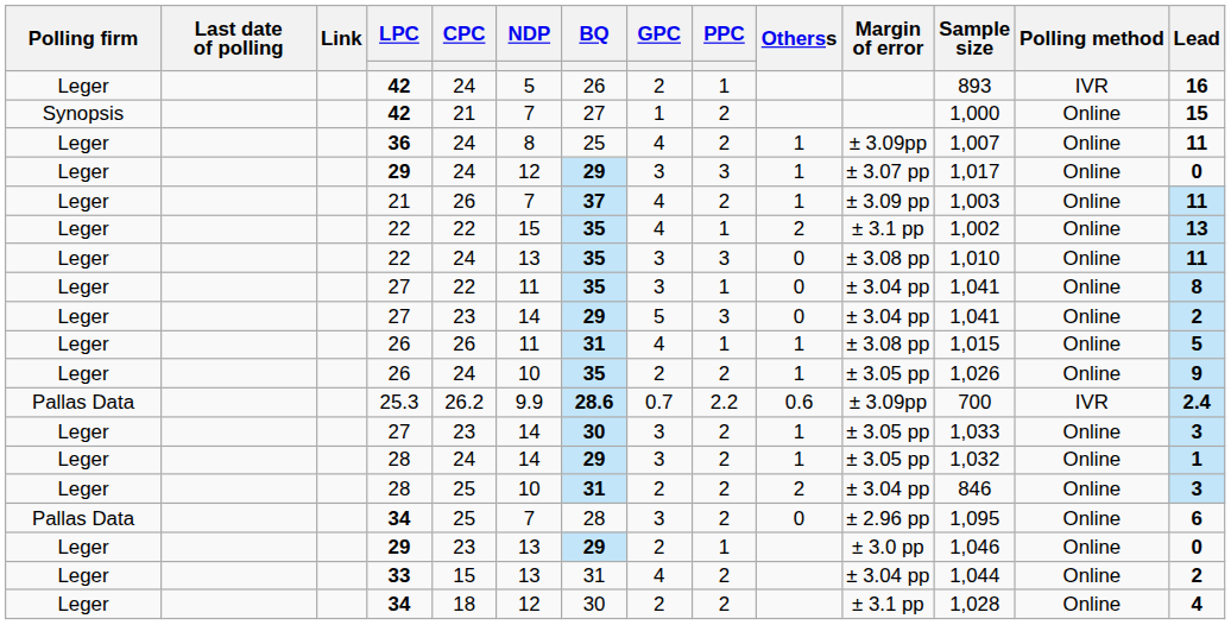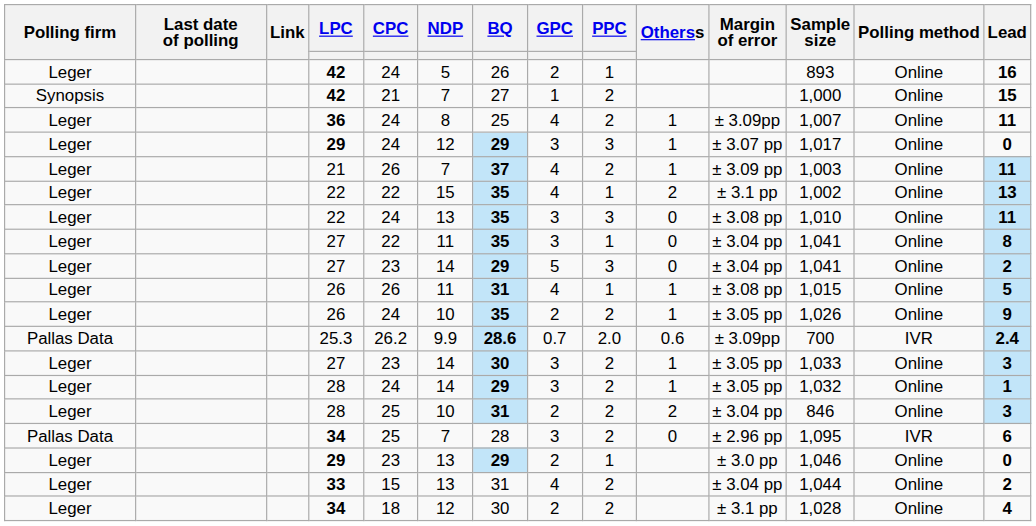 <table class="wikitable sortable mw-datatable" style="text-align:center;font-size:90%;line-height:14px;">
 <tr style="height:40px;">
 <th style="width:105px;" rowspan="2">Polling firm</th>
 <th style="width:105px;" rowspan="2">Last date<br>of polling</th>
 <th rowspan="2">Link</th>
 <th style="width:40px;"><a href='#'>LPC</a></th>
 <th style="width:40px;"><a href='#'>CPC</a></th>
 <th style="width:40px;"><a href='#'>NDP</a></th>
 <th style="width:40px;"><a href='#'>BQ</a></th>
 <th style="width:40px;"><a href='#'>GPC</a></th>
 <th style="width:40px;"><a href='#'>PPC</a></th>
 <th rowspan="2" style="width:40px"><a href='#'>Others</a>s</th>
 <th rowspan="2">Margin<br>of error</th>
 <th rowspan="2">Sample<br>size</th>
 <th rowspan="2">Polling method</th>
 <th rowspan="2">Lead</th>
 </tr>
 <tr class="sorttop">
 <th style="background:"></th>
 <th style="background:"></th>
 <th style="background:"></th>
 <th style="background:"></th>
 <th style="background:"></th>
 <th style="background:"></th>
 </tr>
 <tr>
 <td>Leger</td>
 <td></td>
 <td></td>
 <td><strong>42</strong></td>
 <td>24</td>
 <td>5</td>
 <td>26</td>
 <td>2</td>
 <td>1</td>
 <td></td>
 <td></td>
 <td>893</td>
-<td>IVR</td>
+<td>Online</td>
 <td><strong>16</strong></td>
 </tr>
 <tr>
 <td>Synopsis</td>
 <td></td>
 <td></td>
 <td><strong>42</strong></td>
 <td>21</td>
 <td>7</td>
 <td>27</td>
 <td>1</td>
 <td>2</td>
 <td></td>
 <td></td>
 <td>1,000</td>
 <td>Online</td>
 <td><strong>15</strong></td>
 </tr>
 <tr>
 <td>Leger</td>
 <td></td>
 <td></td>
 <td><strong>36</strong></td>
 <td>24</td>
 <td>8</td>
 <td>25</td>
 <td>4</td>
 <td>2</td>
 <td>1</td>
 <td>± 3.09pp</td>
 <td>1,007</td>
 <td>Online</td>
 <td><strong>11</strong></td>
 </tr>
 <tr>
 <td>Leger</td>
 <td></td>
 <td></td>
 <td><strong>29</strong></td>
 <td>24</td>
 <td>12</td>
 <td style="background:#C2E5F9"><strong>29</strong></td>
 <td>3</td>
 <td>3</td>
 <td>1</td>
 <td>± 3.07 pp</td>
 <td>1,017</td>
 <td>Online</td>
 <td><strong>0</strong></td>
 </tr>
 <tr>
 <td>Leger</td>
 <td></td>
 <td></td>
 <td>21</td>
 <td>26</td>
 <td>7</td>
 <td style="background:#C2E5F9"><strong>37</strong></td>
 <td>4</td>
 <td>2</td>
 <td>1</td>
 <td>± 3.09 pp</td>
 <td>1,003</td>
 <td>Online</td>
 <td style="background:#C2E5F9"><strong>11</strong></td>
 </tr>
 <tr>
 <td>Leger</td>
 <td></td>
 <td></td>
 <td>22</td>
 <td>22</td>
 <td>15</td>
 <td style="background:#C2E5F9"><strong>35</strong></td>
 <td>4</td>
 <td>1</td>
 <td>2</td>
 <td>± 3.1 pp</td>
 <td>1,002</td>
 <td>Online</td>
 <td style="background:#C2E5F9"><strong>13</strong></td>
 </tr>
 <tr>
 <td>Leger</td>
 <td></td>
 <td></td>
 <td>22</td>
 <td>24</td>
 <td>13</td>
 <td style="background:#C2E5F9"><strong>35</strong></td>
 <td>3</td>
 <td>3</td>
 <td>0</td>
 <td>± 3.08 pp</td>
 <td>1,010</td>
 <td>Online</td>
 <td style="background:#C2E5F9"><strong>11</strong></td>
 </tr>
 <tr>
 <td>Leger</td>
 <td></td>
 <td></td>
 <td>27</td>
 <td>22</td>
 <td>11</td>
 <td style="background:#C2E5F9"><strong>35</strong></td>
 <td>3</td>
 <td>1</td>
 <td>0</td>
 <td>± 3.04 pp</td>
 <td>1,041</td>
 <td>Online</td>
 <td style="background:#C2E5F9"><strong>8</strong></td>
 </tr>
 <tr>
 <td>Leger</td>
 <td></td>
 <td></td>
 <td>27</td>
 <td>23</td>
 <td>14</td>
 <td style="background:#C2E5F9"><strong>29</strong></td>
 <td>5</td>
 <td>3</td>
 <td>0</td>
 <td>± 3.04 pp</td>
 <td>1,041</td>
 <td>Online</td>
 <td style="background:#C2E5F9"><strong>2</strong></td>
 </tr>
 <tr>
 <td>Leger</td>
 <td></td>
 <td></td>
 <td>26</td>
 <td>26</td>
 <td>11</td>
 <td style="background:#C2E5F9"><strong>31</strong></td>
 <td>4</td>
 <td>1</td>
 <td>1</td>
 <td>± 3.08 pp</td>
 <td>1,015</td>
 <td>Online</td>
 <td style="background:#C2E5F9"><strong>5</strong></td>
 </tr>
 <tr>
 <td>Leger</td>
 <td></td>
 <td></td>
 <td>26</td>
 <td>24</td>
 <td>10</td>
 <td style="background:#C2E5F9"><strong>35</strong></td>
 <td>2</td>
 <td>2</td>
 <td>1</td>
 <td>± 3.05 pp</td>
 <td>1,026</td>
 <td>Online</td>
 <td style="background:#C2E5F9"><strong>9</strong></td>
 </tr>
 <tr>
 <td>Pallas Data</td>
 <td></td>
 <td></td>
 <td>25.3</td>
 <td>26.2</td>
 <td>9.9</td>
 <td style="background:#C2E5F9"><strong>28.6</strong></td>
 <td>0.7</td>
-<td>2.2</td>
+<td>2.0</td>
 <td>0.6</td>
 <td>± 3.09pp</td>
 <td>700</td>
 <td>IVR</td>
 <td style="background:#C2E5F9"><strong>2.4</strong></td>
 </tr>
 <tr>
 <td>Leger</td>
 <td></td>
 <td></td>
 <td>27</td>
 <td>23</td>
 <td>14</td>
 <td style="background:#C2E5F9"><strong>30</strong></td>
 <td>3</td>
 <td>2</td>
 <td>1</td>
 <td>± 3.05 pp</td>
 <td>1,033</td>
 <td>Online</td>
 <td style="background:#C2E5F9"><strong>3</strong></td>
 </tr>
 <tr>
 <td>Leger</td>
 <td></td>
 <td></td>
 <td>28</td>
 <td>24</td>
 <td>14</td>
 <td style="background:#C2E5F9"><strong>29</strong></td>
 <td>3</td>
 <td>2</td>
 <td>1</td>
 <td>± 3.05 pp</td>
 <td>1,032</td>
 <td>Online</td>
 <td style="background:#C2E5F9"><strong>1</strong></td>
 </tr>
 <tr>
 <td>Leger</td>
 <td></td>
 <td></td>
 <td>28</td>
 <td>25</td>
 <td>10</td>
 <td style="background:#C2E5F9"><strong>31</strong></td>
 <td>2</td>
 <td>2</td>
 <td>2</td>
 <td>± 3.04 pp</td>
 <td>846</td>
 <td>Online</td>
 <td style="background:#C2E5F9"><strong>3</strong></td>
 </tr>
 <tr>
 <td>Pallas Data</td>
 <td></td>
 <td></td>
 <td><strong>34</strong></td>
 <td>25</td>
 <td>7</td>
 <td>28</td>
 <td>3</td>
 <td>2</td>
 <td>0</td>
 <td>± 2.96 pp</td>
 <td>1,095</td>
-<td>Online</td>
+<td>IVR</td>
 <td><strong>6</strong></td>
 </tr>
 <tr>
 <td>Leger</td>
 <td></td>
 <td></td>
 <td><strong>29</strong></td>
 <td>23</td>
 <td>13</td>
 <td style="background:#C2E5F9"><strong>29</strong></td>
 <td>2</td>
 <td>1</td>
 <td></td>
 <td>± 3.0 pp</td>
 <td>1,046</td>
 <td>Online</td>
 <td><strong>0</strong></td>
 </tr>
 <tr>
 <td>Leger</td>
 <td></td>
 <td></td>
 <td><strong>33</strong></td>
 <td>15</td>
 <td>13</td>
 <td>31</td>
 <td>4</td>
 <td>2</td>
 <td></td>
 <td>± 3.04 pp</td>
 <td>1,044</td>
 <td>Online</td>
 <td><strong>2</strong></td>
 </tr>
 <tr>
 <td>Leger</td>
 <td></td>
 <td></td>
 <td><strong>34</strong></td>
 <td>18</td>
 <td>12</td>
 <td>30</td>
 <td>2</td>
 <td>2</td>
 <td></td>
 <td>± 3.1 pp</td>
 <td>1,028</td>
 <td>Online</td>
 <td><strong>4</strong></td>
 </tr>
 </table>
